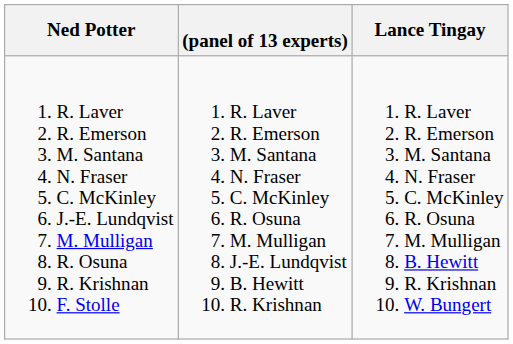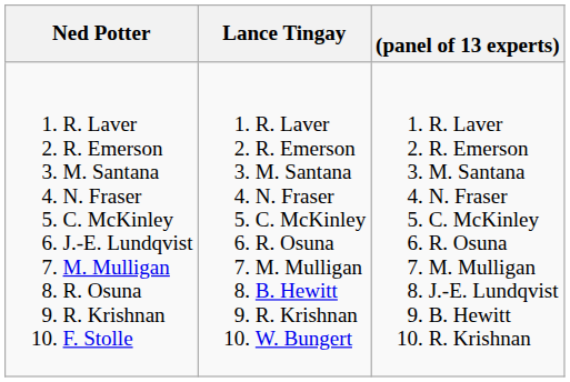 <table class="wikitable">
 <tr>
 <th>Ned Potter</th>
+<th>Lance Tingay<strong></strong></th>
 <th><em></em><br>(panel of 13 experts)</th>
-<th>Lance Tingay<strong></strong></th>
 </tr>
 <tr style="vertical-align: top;">
 <td style="white-space: nowrap;"><br><ol><li> R. Laver</li><li> R. Emerson</li><li> M. Santana</li><li> N. Fraser</li><li> C. McKinley</li><li> J.-E. Lundqvist</li><li> <a href='#'>M. Mulligan</a></li><li> R. Osuna</li><li> R. Krishnan</li><li> <a href='#'>F. Stolle</a></li></ol></td>
+<td style="white-space: nowrap;"><br><ol><li> R. Laver</li><li> R. Emerson</li><li> M. Santana</li><li> N. Fraser</li><li> C. McKinley</li><li> R. Osuna</li><li> M. Mulligan</li><li> <a href='#'>B. Hewitt</a></li><li> R. Krishnan</li><li> <a href='#'>W. Bungert</a></li></ol></td>
 <td style="white-space: nowrap;"><br><ol><li> R. Laver</li><li> R. Emerson</li><li> M. Santana</li><li> N. Fraser</li><li> C. McKinley</li><li> R. Osuna</li><li> M. Mulligan</li><li> J.-E. Lundqvist</li><li> B. Hewitt</li><li> R. Krishnan</li></ol></td>
-<td style="white-space: nowrap;"><br><ol><li> R. Laver</li><li> R. Emerson</li><li> M. Santana</li><li> N. Fraser</li><li> C. McKinley</li><li> R. Osuna</li><li> M. Mulligan</li><li> <a href='#'>B. Hewitt</a></li><li> R. Krishnan</li><li> <a href='#'>W. Bungert</a></li></ol></td>
 </tr>
 </table>
